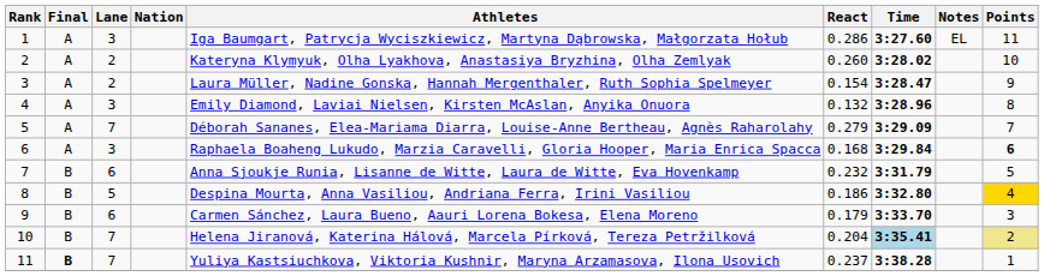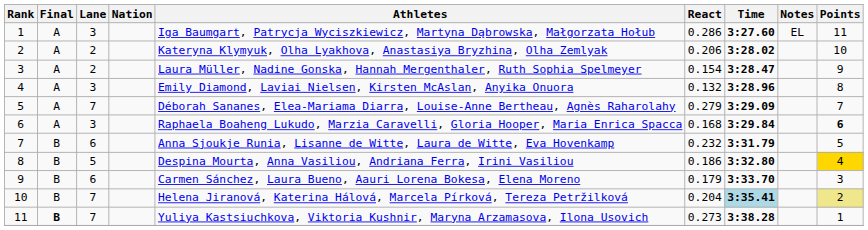 <table class="wikitable sortable" style="text-align:center">
 <tr>
 <th>Rank</th>
 <th>Final</th>
 <th>Lane</th>
 <th>Nation</th>
 <th>Athletes</th>
 <th>React</th>
 <th>Time</th>
 <th>Notes</th>
 <th>Points</th>
 </tr>
 <tr>
 <td>1</td>
 <td>A</td>
 <td>3</td>
 <td align=left></td>
 <td align=left><a href='#'>Iga Baumgart</a>, <a href='#'>Patrycja Wyciszkiewicz</a>, <a href='#'>Martyna Dąbrowska</a>, <a href='#'>Małgorzata Hołub</a></td>
 <td>0.286</td>
 <td><strong>3:27.60</strong></td>
 <td>EL</td>
 <td>11</td>
 </tr>
 <tr>
 <td>2</td>
 <td>A</td>
 <td>2</td>
 <td align=left></td>
 <td align=left><a href='#'>Kateryna Klymyuk</a>, <a href='#'>Olha Lyakhova</a>, <a href='#'>Anastasiya Bryzhina</a>, <a href='#'>Olha Zemlyak</a></td>
-<td>0.260</td>
+<td>0.206</td>
 <td><strong>3:28.02</strong></td>
 <td></td>
 <td>10</td>
 </tr>
 <tr>
 <td>3</td>
 <td>A</td>
 <td>2</td>
 <td align=left></td>
 <td align=left><a href='#'>Laura Müller</a>, <a href='#'>Nadine Gonska</a>, <a href='#'>Hannah Mergenthaler</a>, <a href='#'>Ruth Sophia Spelmeyer</a></td>
 <td>0.154</td>
 <td><strong>3:28.47</strong></td>
 <td></td>
 <td>9</td>
 </tr>
 <tr>
 <td>4</td>
 <td>A</td>
 <td>3</td>
 <td align=left></td>
 <td align=left><a href='#'>Emily Diamond</a>, <a href='#'>Laviai Nielsen</a>, <a href='#'>Kirsten McAslan</a>, <a href='#'>Anyika Onuora</a></td>
 <td>0.132</td>
 <td><strong>3:28.96</strong></td>
 <td></td>
 <td>8</td>
 </tr>
 <tr>
 <td>5</td>
 <td>A</td>
 <td>7</td>
 <td align=left></td>
 <td align=left><a href='#'>Déborah Sananes</a>, <a href='#'>Elea-Mariama Diarra</a>, <a href='#'>Louise-Anne Bertheau</a>, <a href='#'>Agnès Raharolahy</a></td>
 <td>0.279</td>
 <td><strong>3:29.09</strong></td>
 <td></td>
 <td>7</td>
 </tr>
 <tr>
 <td>6</td>
 <td>A</td>
 <td>3</td>
 <td align=left></td>
 <td align=left><a href='#'>Raphaela Boaheng Lukudo</a>, <a href='#'>Marzia Caravelli</a>, <a href='#'>Gloria Hooper</a>, <a href='#'>Maria Enrica Spacca</a></td>
 <td>0.168</td>
 <td><strong>3:29.84</strong></td>
 <td></td>
 <td><strong>6</strong></td>
 </tr>
 <tr>
 <td>7</td>
 <td>B</td>
 <td>6</td>
 <td align=left></td>
 <td align=left><a href='#'>Anna Sjoukje Runia</a>, <a href='#'>Lisanne de Witte</a>, <a href='#'>Laura de Witte</a>, <a href='#'>Eva Hovenkamp</a></td>
 <td>0.232</td>
 <td><strong>3:31.79</strong></td>
 <td></td>
 <td>5</td>
 </tr>
 <tr>
 <td>8</td>
 <td>B</td>
 <td>5</td>
 <td align=left></td>
 <td align=left><a href='#'>Despina Mourta</a>, <a href='#'>Anna Vasiliou</a>, <a href='#'>Andriana Ferra</a>, <a href='#'>Irini Vasiliou</a></td>
 <td>0.186</td>
 <td><strong>3:32.80</strong></td>
 <td></td>
 <td style="background: gold;">4</td>
 </tr>
 <tr>
 <td>9</td>
 <td>B</td>
 <td>6</td>
 <td align=left></td>
 <td align=left><a href='#'>Carmen Sánchez</a>, <a href='#'>Laura Bueno</a>, <a href='#'>Aauri Lorena Bokesa</a>, <a href='#'>Elena Moreno</a></td>
 <td>0.179</td>
 <td><strong>3:33.70</strong></td>
 <td></td>
 <td>3</td>
 </tr>
 <tr>
 <td>10</td>
 <td>B</td>
 <td>7</td>
 <td align=left></td>
 <td align=left><a href='#'>Helena Jiranová</a>, <a href='#'>Katerina Hálová</a>, <a href='#'>Marcela Pírková</a>, <a href='#'>Tereza Petržilková</a></td>
 <td>0.204</td>
 <td style="background: lightblue;"><strong>3:35.41</strong></td>
 <td></td>
 <td style="background: khaki;">2</td>
 </tr>
 <tr>
 <td>11</td>
 <td><strong>B</strong></td>
 <td>7</td>
 <td align=left></td>
 <td align=left><a href='#'>Yuliya Kastsiuchkova</a>, <a href='#'>Viktoria Kushnir</a>, <a href='#'>Maryna Arzamasova</a>, <a href='#'>Ilona Usovich</a></td>
-<td>0.237</td>
+<td>0.273</td>
 <td><strong>3:38.28</strong></td>
 <td></td>
 <td>1</td>
 </tr>
 <tr>
 </tr>
 </table>
